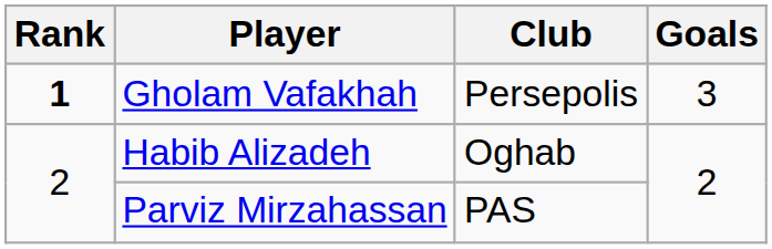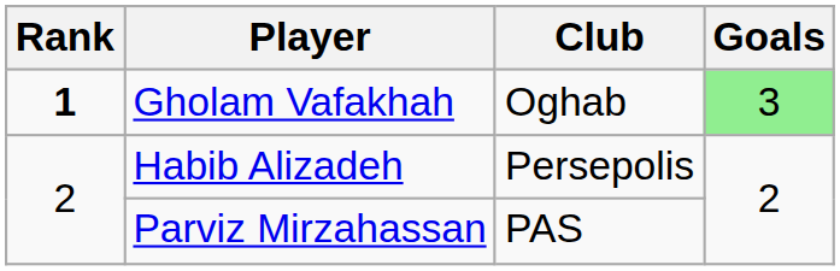 <table class="wikitable" style="text-align:center">
 <tr>
 <th>Rank</th>
 <th>Player</th>
 <th>Club</th>
 <th>Goals</th>
 </tr>
 <tr>
 <td><strong>1</strong></td>
 <td align="left"> <a href='#'>Gholam Vafakhah</a></td>
-<td align="left">Persepolis</td>
-<td>3</td>
+<td align="left">Oghab</td>
+<td style="background: lightgreen;">3</td>
 </tr>
 <tr>
 <td rowspan="2">2</td>
 <td align="left"> <a href='#'>Habib Alizadeh</a></td>
-<td align="left">Oghab</td>
+<td align="left">Persepolis</td>
 <td rowspan="2">2</td>
 </tr>
 <tr>
 <td align="left"> <a href='#'>Parviz Mirzahassan</a></td>
 <td align="left">PAS</td>
 </tr>
 </table>
